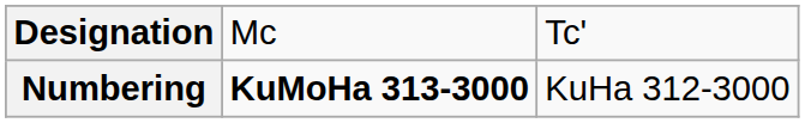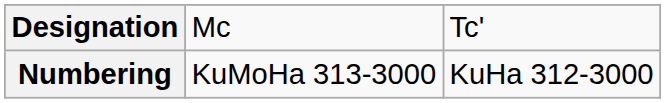 <table class="wikitable">
 <tr>
 <th>Designation</th>
 <td>Mc</td>
 <td>Tc'</td>
 </tr>
 <tr>
 <th>Numbering</th>
-<td><strong>KuMoHa 313-3000</strong></td>
+<td>KuMoHa 313-3000</td>
 <td>KuHa 312-3000</td>
 </tr>
 </table>
